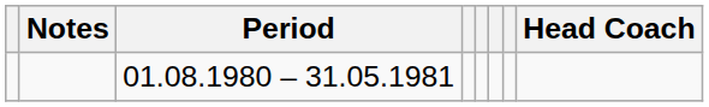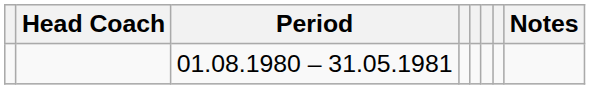 <table class="wikitable" style="text-align: left;">
 <tr>
 <th></th>
-<th>Notes</th>
+<th>Head Coach</th>
 <th>Period</th>
 <th></th>
 <th></th>
 <th></th>
 <th></th>
-<th>Head Coach</th>
+<th>Notes</th>
 </tr>
 <tr>
 <td></td>
 <td></td>
 <td>01.08.1980 – 31.05.1981</td>
 <td align="center"></td>
 <td align="center"></td>
 <td align="center"></td>
 <td align="center"></td>
 <td></td>
 </tr>
 </table>
